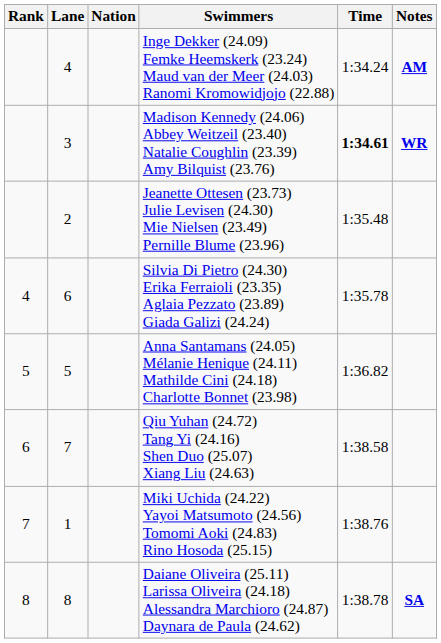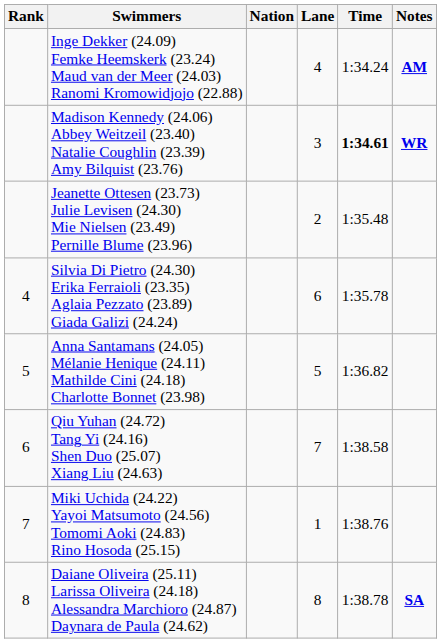 <table class="wikitable sortable" style="text-align:center">
 <tr>
 <th>Rank</th>
+<th>Swimmers</th>
+<th>Nation</th>
 <th>Lane</th>
-<th>Nation</th>
-<th>Swimmers</th>
 <th>Time</th>
 <th>Notes</th>
 </tr>
 <tr>
 <td></td>
+<td align=left><a href='#'>Inge Dekker</a> (24.09)<br><a href='#'>Femke Heemskerk</a> (23.24)<br><a href='#'>Maud van der Meer</a> (24.03)<br><a href='#'>Ranomi Kromowidjojo</a> (22.88)</td>
+<td align=left></td>
 <td>4</td>
-<td align=left></td>
-<td align=left><a href='#'>Inge Dekker</a> (24.09)<br><a href='#'>Femke Heemskerk</a> (23.24)<br><a href='#'>Maud van der Meer</a> (24.03)<br><a href='#'>Ranomi Kromowidjojo</a> (22.88)</td>
 <td>1:34.24</td>
 <td><strong><a href='#'>AM</a></strong></td>
 </tr>
 <tr>
 <td></td>
+<td align=left><a href='#'>Madison Kennedy</a> (24.06)<br><a href='#'>Abbey Weitzeil</a> (23.40)<br><a href='#'>Natalie Coughlin</a> (23.39)<br><a href='#'>Amy Bilquist</a> (23.76)</td>
+<td align=left></td>
 <td>3</td>
-<td align=left></td>
-<td align=left><a href='#'>Madison Kennedy</a> (24.06)<br><a href='#'>Abbey Weitzeil</a> (23.40)<br><a href='#'>Natalie Coughlin</a> (23.39)<br><a href='#'>Amy Bilquist</a> (23.76)</td>
 <td><strong>1:34.61</strong></td>
 <td><strong><a href='#'>WR</a></strong></td>
 </tr>
 <tr>
 <td></td>
+<td align=left><a href='#'>Jeanette Ottesen</a> (23.73)<br><a href='#'>Julie Levisen</a> (24.30)<br><a href='#'>Mie Nielsen</a> (23.49)<br><a href='#'>Pernille Blume</a> (23.96)</td>
+<td align=left></td>
 <td>2</td>
-<td align=left></td>
-<td align=left><a href='#'>Jeanette Ottesen</a> (23.73)<br><a href='#'>Julie Levisen</a> (24.30)<br><a href='#'>Mie Nielsen</a> (23.49)<br><a href='#'>Pernille Blume</a> (23.96)</td>
 <td>1:35.48</td>
 <td></td>
 </tr>
 <tr>
 <td>4</td>
+<td align=left><a href='#'>Silvia Di Pietro</a> (24.30)<br><a href='#'>Erika Ferraioli</a> (23.35)<br><a href='#'>Aglaia Pezzato</a> (23.89)<br><a href='#'>Giada Galizi</a> (24.24)</td>
+<td align=left></td>
 <td>6</td>
-<td align=left></td>
-<td align=left><a href='#'>Silvia Di Pietro</a> (24.30)<br><a href='#'>Erika Ferraioli</a> (23.35)<br><a href='#'>Aglaia Pezzato</a> (23.89)<br><a href='#'>Giada Galizi</a> (24.24)</td>
 <td>1:35.78</td>
 <td></td>
 </tr>
 <tr>
 <td>5</td>
+<td align=left><a href='#'>Anna Santamans</a> (24.05)<br><a href='#'>Mélanie Henique</a> (24.11)<br><a href='#'>Mathilde Cini</a> (24.18)<br><a href='#'>Charlotte Bonnet</a> (23.98)</td>
+<td align=left></td>
 <td>5</td>
-<td align=left></td>
-<td align=left><a href='#'>Anna Santamans</a> (24.05)<br><a href='#'>Mélanie Henique</a> (24.11)<br><a href='#'>Mathilde Cini</a> (24.18)<br><a href='#'>Charlotte Bonnet</a> (23.98)</td>
 <td>1:36.82</td>
 <td></td>
 </tr>
 <tr>
 <td>6</td>
+<td align=left><a href='#'>Qiu Yuhan</a> (24.72)<br><a href='#'>Tang Yi</a> (24.16)<br><a href='#'>Shen Duo</a> (25.07)<br><a href='#'>Xiang Liu</a> (24.63)</td>
+<td align=left></td>
 <td>7</td>
-<td align=left></td>
-<td align=left><a href='#'>Qiu Yuhan</a> (24.72)<br><a href='#'>Tang Yi</a> (24.16)<br><a href='#'>Shen Duo</a> (25.07)<br><a href='#'>Xiang Liu</a> (24.63)</td>
 <td>1:38.58</td>
 <td></td>
 </tr>
 <tr>
 <td>7</td>
+<td align=left><a href='#'>Miki Uchida</a> (24.22)<br><a href='#'>Yayoi Matsumoto</a> (24.56)<br><a href='#'>Tomomi Aoki</a> (24.83)<br><a href='#'>Rino Hosoda</a> (25.15)</td>
+<td align=left></td>
 <td>1</td>
-<td align=left></td>
-<td align=left><a href='#'>Miki Uchida</a> (24.22)<br><a href='#'>Yayoi Matsumoto</a> (24.56)<br><a href='#'>Tomomi Aoki</a> (24.83)<br><a href='#'>Rino Hosoda</a> (25.15)</td>
 <td>1:38.76</td>
 <td></td>
 </tr>
 <tr>
 <td>8</td>
+<td align=left><a href='#'>Daiane Oliveira</a> (25.11)<br><a href='#'>Larissa Oliveira</a> (24.18)<br><a href='#'>Alessandra Marchioro</a> (24.87)<br> <a href='#'>Daynara de Paula</a> (24.62)</td>
+<td align=left></td>
 <td>8</td>
-<td align=left></td>
-<td align=left><a href='#'>Daiane Oliveira</a> (25.11)<br><a href='#'>Larissa Oliveira</a> (24.18)<br><a href='#'>Alessandra Marchioro</a> (24.87)<br> <a href='#'>Daynara de Paula</a> (24.62)</td>
 <td>1:38.78</td>
 <td><strong><a href='#'>SA</a></strong></td>
 </tr>
 </table>
